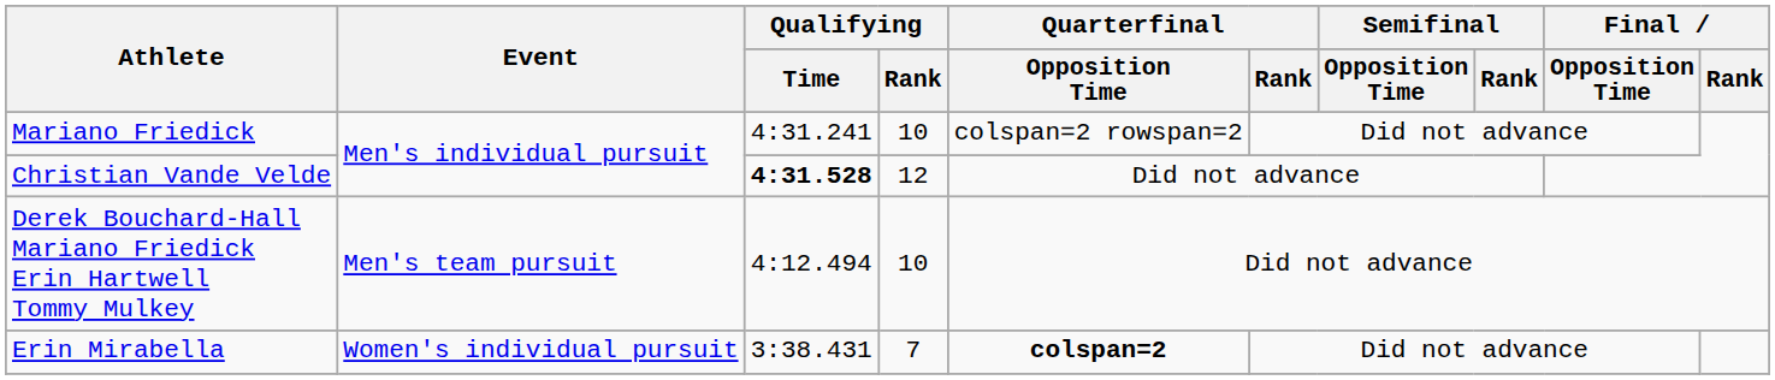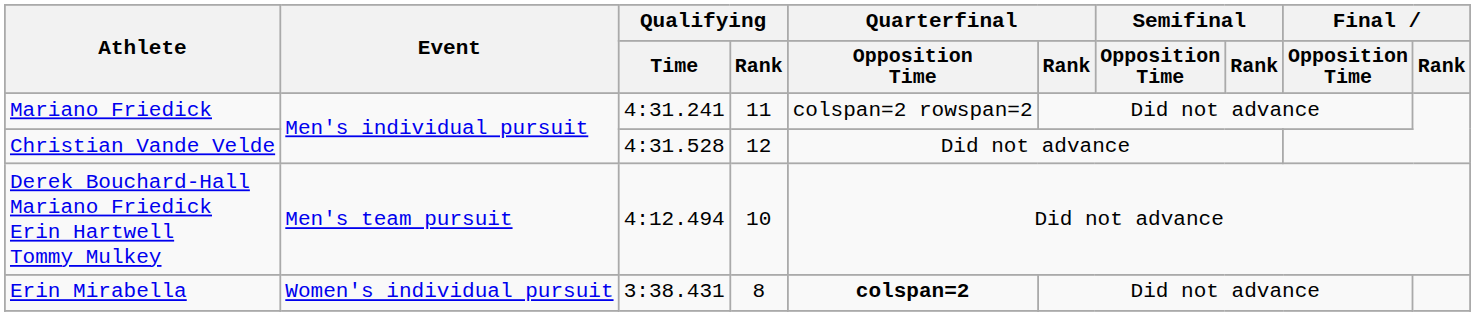 <table class=wikitable style=font-size:90%;text-align:center>
 <tr>
 <th rowspan=2>Athlete</th>
 <th rowspan=2>Event</th>
 <th colspan=2>Qualifying</th>
 <th colspan=2>Quarterfinal</th>
 <th colspan=2>Semifinal</th>
 <th colspan=2>Final / </th>
 </tr>
 <tr style=font-size:95%>
 <th>Time</th>
 <th>Rank</th>
 <th>Opposition<br>Time</th>
 <th>Rank</th>
 <th>Opposition<br>Time</th>
 <th>Rank</th>
 <th>Opposition<br>Time</th>
 <th>Rank</th>
 </tr>
 <tr>
 <td align=left><a href='#'>Mariano Friedick</a></td>
 <td align=left rowspan=2><a href='#'>Men's individual pursuit</a></td>
 <td>4:31.241</td>
-<td>10</td>
+<td>11</td>
 <td>colspan=2 rowspan=2 </td>
 <td colspan=4>Did not advance</td>
 </tr>
 <tr>
 <td align=left><a href='#'>Christian Vande Velde</a></td>
-<td><strong>4:31.528</strong></td>
+<td>4:31.528</td>
 <td>12</td>
 <td colspan=4>Did not advance</td>
 </tr>
 <tr>
 <td align=left><a href='#'>Derek Bouchard-Hall</a><br><a href='#'>Mariano Friedick</a><br><a href='#'>Erin Hartwell</a><br><a href='#'>Tommy Mulkey</a></td>
 <td align=left><a href='#'>Men's team pursuit</a></td>
 <td>4:12.494</td>
 <td>10</td>
 <td colspan=6>Did not advance</td>
 </tr>
 <tr>
 <td align=left><a href='#'>Erin Mirabella</a></td>
 <td align=left><a href='#'>Women's individual pursuit</a></td>
 <td>3:38.431</td>
-<td>7</td>
+<td>8</td>
 <td><strong>colspan=2 </strong></td>
 <td colspan=4>Did not advance</td>
 </tr>
 </table>
